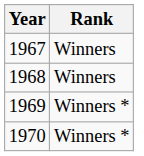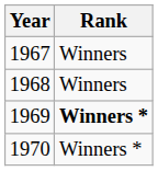 <table class="wikitable" border="1">
 <tr>
 <th>Year</th>
 <th>Rank</th>
 </tr>
 <tr>
 <td>1967</td>
 <td>Winners</td>
 </tr>
 <tr>
 <td>1968</td>
 <td>Winners</td>
 </tr>
 <tr>
 <td>1969</td>
-<td>Winners *</td>
+<td><strong>Winners *</strong></td>
 </tr>
 <tr>
 <td>1970</td>
 <td>Winners *</td>
 </tr>
 </table>
